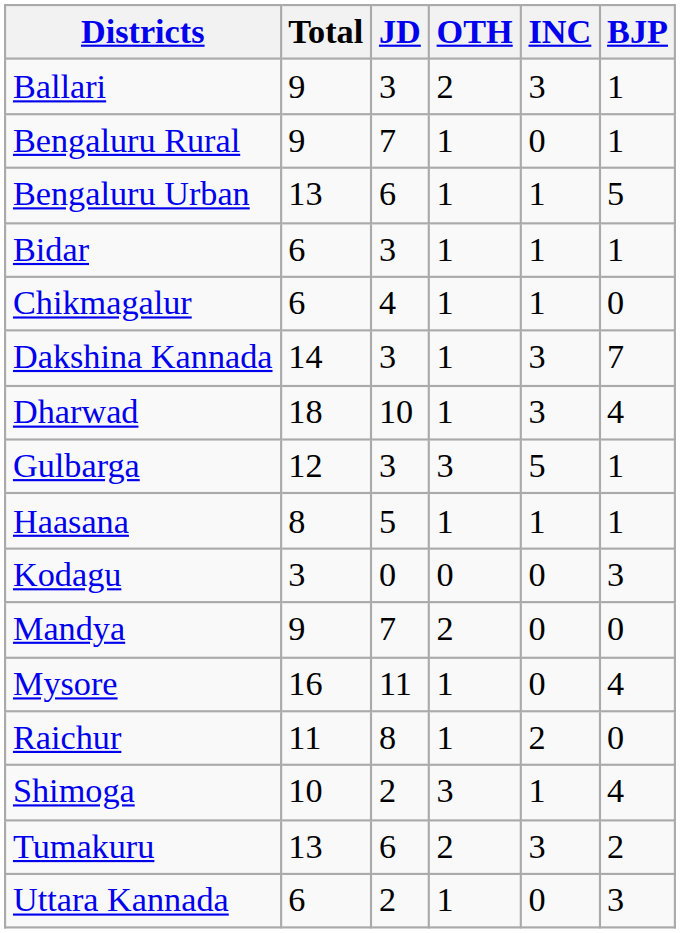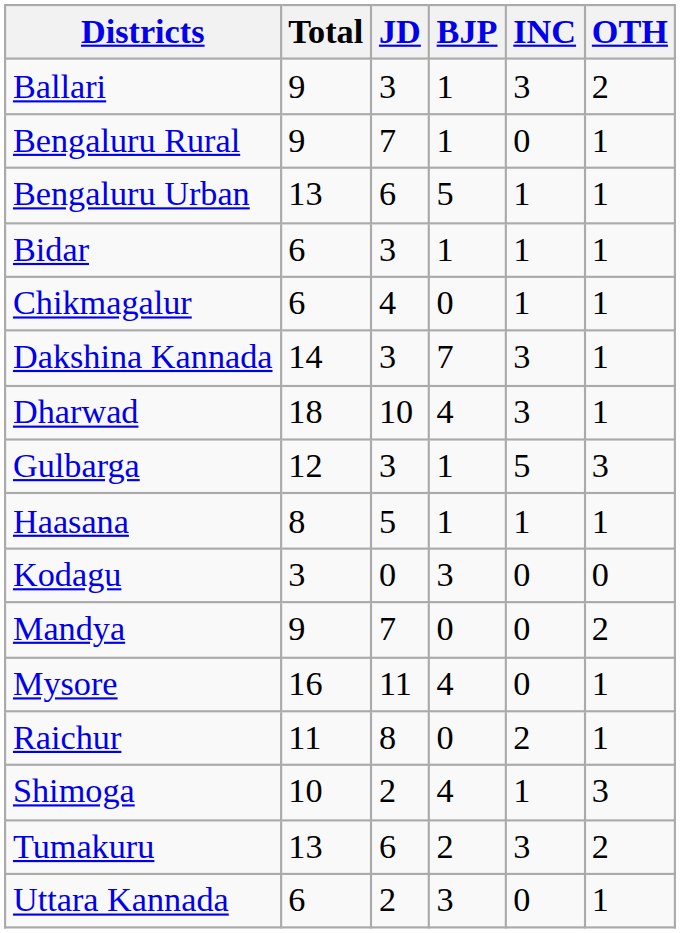 <table class="wikitable">
 <tr>
 <th><a href='#'>Districts</a></th>
 <th>Total</th>
 <th><a href='#'>JD</a></th>
+<th><a href='#'>BJP</a></th>
+<th><a href='#'>INC</a></th>
 <th><a href='#'>OTH</a></th>
-<th><a href='#'>INC</a></th>
-<th><a href='#'>BJP</a></th>
 </tr>
 <tr>
 <td><a href='#'>Ballari</a></td>
 <td>9</td>
 <td>3</td>
+<td>1</td>
+<td>3</td>
 <td>2</td>
-<td>3</td>
-<td>1</td>
 </tr>
 <tr>
 <td><a href='#'>Bengaluru Rural</a></td>
 <td>9</td>
 <td>7</td>
 <td>1</td>
 <td>0</td>
 <td>1</td>
 </tr>
 <tr>
 <td><a href='#'>Bengaluru Urban</a></td>
 <td>13</td>
 <td>6</td>
+<td>5</td>
 <td>1</td>
 <td>1</td>
-<td>5</td>
 </tr>
 <tr>
 <td><a href='#'>Bidar</a></td>
 <td>6</td>
 <td>3</td>
 <td>1</td>
 <td>1</td>
 <td>1</td>
 </tr>
 <tr>
 <td><a href='#'>Chikmagalur</a></td>
 <td>6</td>
 <td>4</td>
+<td>0</td>
 <td>1</td>
 <td>1</td>
-<td>0</td>
 </tr>
 <tr>
 <td><a href='#'>Dakshina Kannada</a></td>
 <td>14</td>
 <td>3</td>
+<td>7</td>
+<td>3</td>
 <td>1</td>
-<td>3</td>
-<td>7</td>
 </tr>
 <tr>
 <td><a href='#'>Dharwad</a></td>
 <td>18</td>
 <td>10</td>
+<td>4</td>
+<td>3</td>
 <td>1</td>
-<td>3</td>
-<td>4</td>
 </tr>
 <tr>
 <td><a href='#'>Gulbarga</a></td>
 <td>12</td>
 <td>3</td>
+<td>1</td>
+<td>5</td>
 <td>3</td>
-<td>5</td>
-<td>1</td>
 </tr>
 <tr>
 <td><a href='#'>Haasana</a></td>
 <td>8</td>
 <td>5</td>
 <td>1</td>
 <td>1</td>
 <td>1</td>
 </tr>
 <tr>
 <td><a href='#'>Kodagu</a></td>
 <td>3</td>
 <td>0</td>
+<td>3</td>
 <td>0</td>
 <td>0</td>
-<td>3</td>
 </tr>
 <tr>
 <td><a href='#'>Mandya</a></td>
 <td>9</td>
 <td>7</td>
-<td>2</td>
 <td>0</td>
 <td>0</td>
+<td>2</td>
 </tr>
 <tr>
 <td><a href='#'>Mysore</a></td>
 <td>16</td>
 <td>11</td>
+<td>4</td>
+<td>0</td>
 <td>1</td>
-<td>0</td>
-<td>4</td>
 </tr>
 <tr>
 <td><a href='#'>Raichur</a></td>
 <td>11</td>
 <td>8</td>
+<td>0</td>
+<td>2</td>
 <td>1</td>
-<td>2</td>
-<td>0</td>
 </tr>
 <tr>
 <td><a href='#'>Shimoga</a></td>
 <td>10</td>
 <td>2</td>
+<td>4</td>
+<td>1</td>
 <td>3</td>
-<td>1</td>
-<td>4</td>
 </tr>
 <tr>
 <td><a href='#'>Tumakuru</a></td>
 <td>13</td>
 <td>6</td>
 <td>2</td>
 <td>3</td>
 <td>2</td>
 </tr>
 <tr>
 <td><a href='#'>Uttara Kannada</a></td>
 <td>6</td>
 <td>2</td>
+<td>3</td>
+<td>0</td>
 <td>1</td>
-<td>0</td>
-<td>3</td>
 </tr>
 </table>
